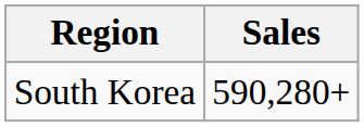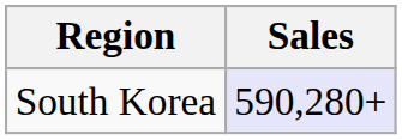 <table class="wikitable">
 <tr>
 <th>Region</th>
 <th>Sales</th>
 </tr>
 <tr>
 <td>South Korea</td>
-<td>590,280+</td>
+<td style="background: lavender;">590,280+</td>
 </tr>
 </table>
